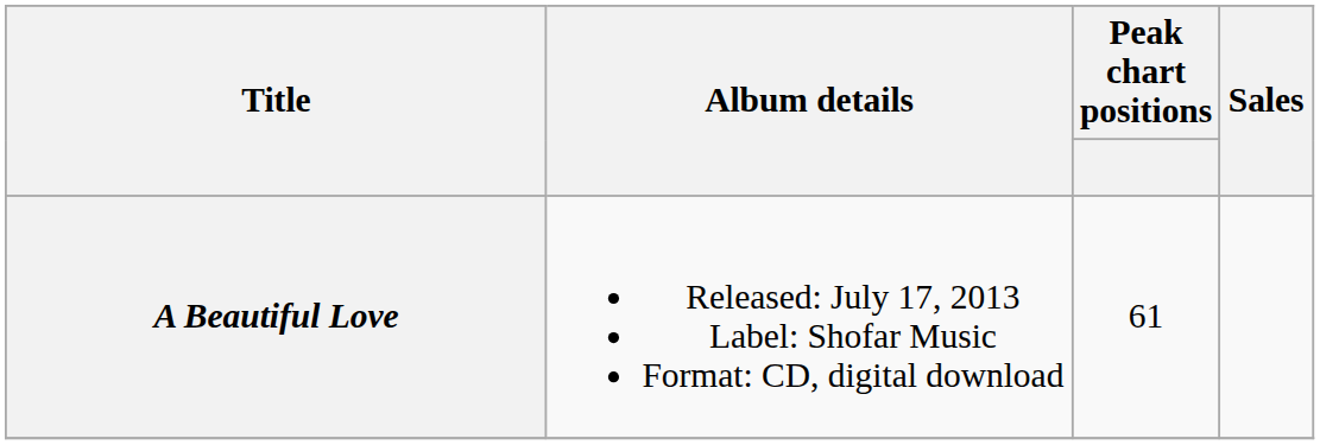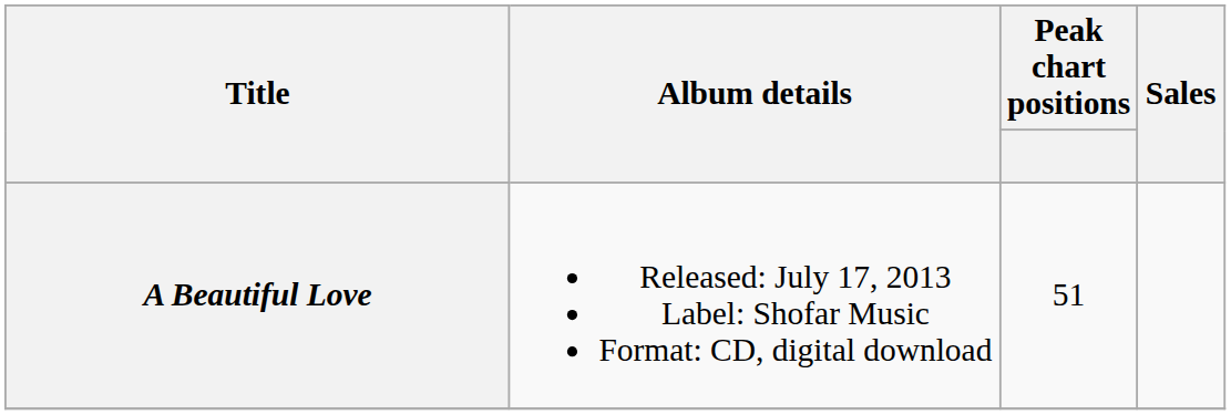 <table class="wikitable plainrowheaders" style="text-align:center;">
 <tr>
 <th scope="col" rowspan="2" style="width:15em;">Title</th>
 <th scope="col" rowspan="2">Album details</th>
 <th colspan="1" scope="col">Peak chart positions</th>
 <th scope="col" rowspan="2">Sales</th>
 </tr>
 <tr>
 <th style="width:3em"><br></th>
 </tr>
 <tr>
 <th scope="row"><em>A Beautiful Love</em></th>
 <td><br><ul><li>Released: July 17, 2013</li><li>Label: Shofar Music</li><li>Format: CD, digital download</li></ul></td>
-<td>61</td>
+<td>51</td>
 <td></td>
 </tr>
 <tr>
 </tr>
 </table>
